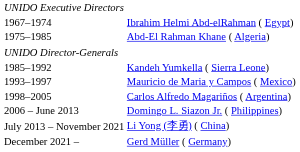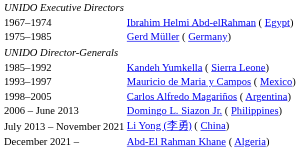 <table>
 <tr>
 <td><em>UNIDO Executive Directors</em></td>
 </tr>
 <tr>
 <td>1967–1974</td>
 <td><a href='#'>Ibrahim Helmi Abd-elRahman</a> ( <a href='#'>Egypt</a>)</td>
 </tr>
 <tr>
 <td>1975–1985</td>
-<td><a href='#'>Abd-El Rahman Khane</a> ( <a href='#'>Algeria</a>)</td>
+<td><a href='#'>Gerd Müller</a> ( <a href='#'>Germany</a>)</td>
 </tr>
 <tr>
 </tr>
 <tr>
 <td><em>UNIDO Director-Generals</em></td>
 </tr>
 <tr>
 <td>1985–1992</td>
 <td><a href='#'>Kandeh Yumkella</a> ( <a href='#'>Sierra Leone</a>)</td>
 </tr>
 <tr>
 <td>1993–1997</td>
 <td><a href='#'>Mauricio de Maria y Campos</a> ( <a href='#'>Mexico</a>)</td>
 </tr>
 <tr>
 <td>1998–2005</td>
 <td><a href='#'>Carlos Alfredo Magariños</a> ( <a href='#'>Argentina</a>)</td>
 </tr>
 <tr>
 <td>2006 – June 2013</td>
 <td><a href='#'>Domingo L. Siazon Jr.</a> ( <a href='#'>Philippines</a>)</td>
 </tr>
 <tr>
 <td>July 2013 – November 2021</td>
 <td><a href='#'>Li Yong (李勇)</a> ( <a href='#'>China</a>)</td>
 </tr>
 <tr>
 <td>December 2021 –</td>
-<td><a href='#'>Gerd Müller</a> ( <a href='#'>Germany</a>)</td>
+<td><a href='#'>Abd-El Rahman Khane</a> ( <a href='#'>Algeria</a>)</td>
 </tr>
 <tr>
 </tr>
 </table>
